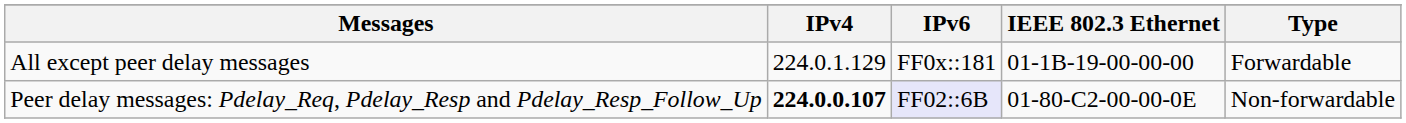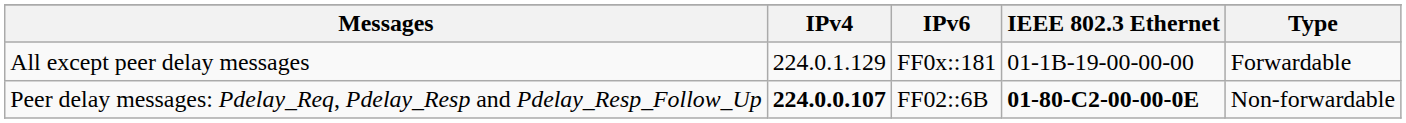 <table class="wikitable">
 <tr>
 </tr>
 <tr>
 <th>Messages</th>
 <th>IPv4</th>
 <th>IPv6</th>
 <th>IEEE 802.3 Ethernet</th>
 <th>Type</th>
 </tr>
 <tr>
 <td>All except peer delay messages</td>
 <td>224.0.1.129</td>
 <td>FF0x::181</td>
 <td>01-1B-19-00-00-00</td>
 <td>Forwardable</td>
 </tr>
 <tr>
 <td>Peer delay messages: <em>Pdelay_Req</em>, <em>Pdelay_Resp</em> and <em>Pdelay_Resp_Follow_Up</em></td>
 <td><strong>224.0.0.107</strong></td>
-<td style="background: lavender;">FF02::6B</td>
-<td>01-80-C2-00-00-0E</td>
+<td>FF02::6B</td>
+<td><strong>01-80-C2-00-00-0E</strong></td>
 <td>Non-forwardable</td>
 </tr>
 </table>
